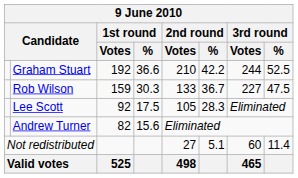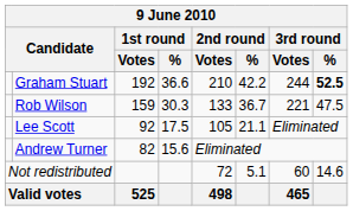 <table class="wikitable" style="min-width:250px">
 <tr>
 <th colspan="8">9 June 2010</th>
 </tr>
 <tr>
 <th colspan="2" rowspan="2">Candidate</th>
 <th colspan="2">1st round</th>
 <th colspan="2">2nd round</th>
 <th colspan="2">3rd round</th>
 </tr>
 <tr>
 <th>Votes</th>
 <th>%</th>
 <th>Votes</th>
 <th>%</th>
 <th>Votes</th>
 <th>%</th>
 </tr>
 <tr>
 <td style="color:inherit;background-color: "></td>
 <td><a href='#'>Graham Stuart</a></td>
 <td align="right">192</td>
 <td align="right">36.6</td>
 <td align="right">210</td>
 <td align="right">42.2</td>
 <td align="right">244</td>
-<td align="right">52.5</td>
+<td align="right"><strong>52.5</strong></td>
 </tr>
 <tr>
 <td style="color:inherit;background-color: "></td>
 <td><a href='#'>Rob Wilson</a></td>
 <td align="right">159</td>
 <td align="right">30.3</td>
 <td align="right">133</td>
 <td align="right">36.7</td>
-<td align="right">227</td>
+<td align="right">221</td>
 <td align="right">47.5</td>
 </tr>
 <tr>
 <td style="color:inherit;background-color: "></td>
 <td><a href='#'>Lee Scott</a></td>
 <td align="right">92</td>
 <td align="right">17.5</td>
 <td align="right">105</td>
-<td align="right">28.3</td>
+<td align="right">21.1</td>
 <td colspan="2"><em>Eliminated</em></td>
 </tr>
 <tr>
 <td style="color:inherit;background-color: "></td>
 <td><a href='#'>Andrew Turner</a></td>
 <td align="right">82</td>
 <td align="right">15.6</td>
 <td colspan="4"><em>Eliminated</em></td>
 </tr>
 <tr>
 <td colspan="2"><em>Not redistributed</em></td>
 <td align="right"></td>
 <td align="right"></td>
-<td align="right">27</td>
+<td align="right">72</td>
 <td align="right">5.1</td>
 <td align="right">60</td>
-<td align="right">11.4</td>
+<td align="right">14.6</td>
 </tr>
 <tr>
 <th style="text-align:left;" colspan="2">Valid votes</th>
 <th style="text-align:right;">525</th>
 <th style="text-align:right;"></th>
 <th style="text-align:right;">498</th>
 <th style="text-align:right;"></th>
 <th style="text-align:right;">465</th>
 <th style="text-align:right;"></th>
 </tr>
 </table>
